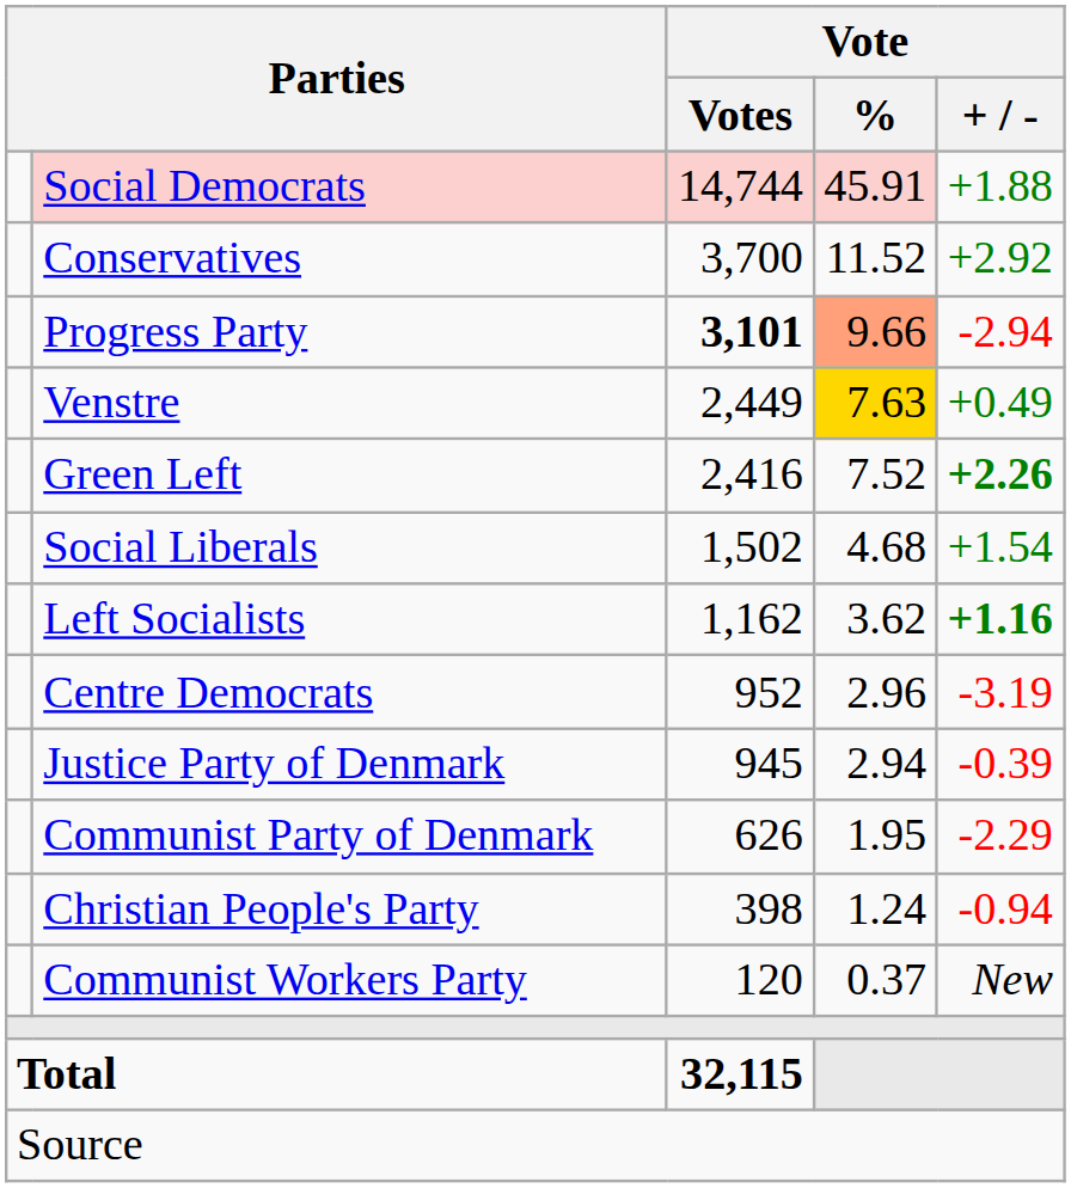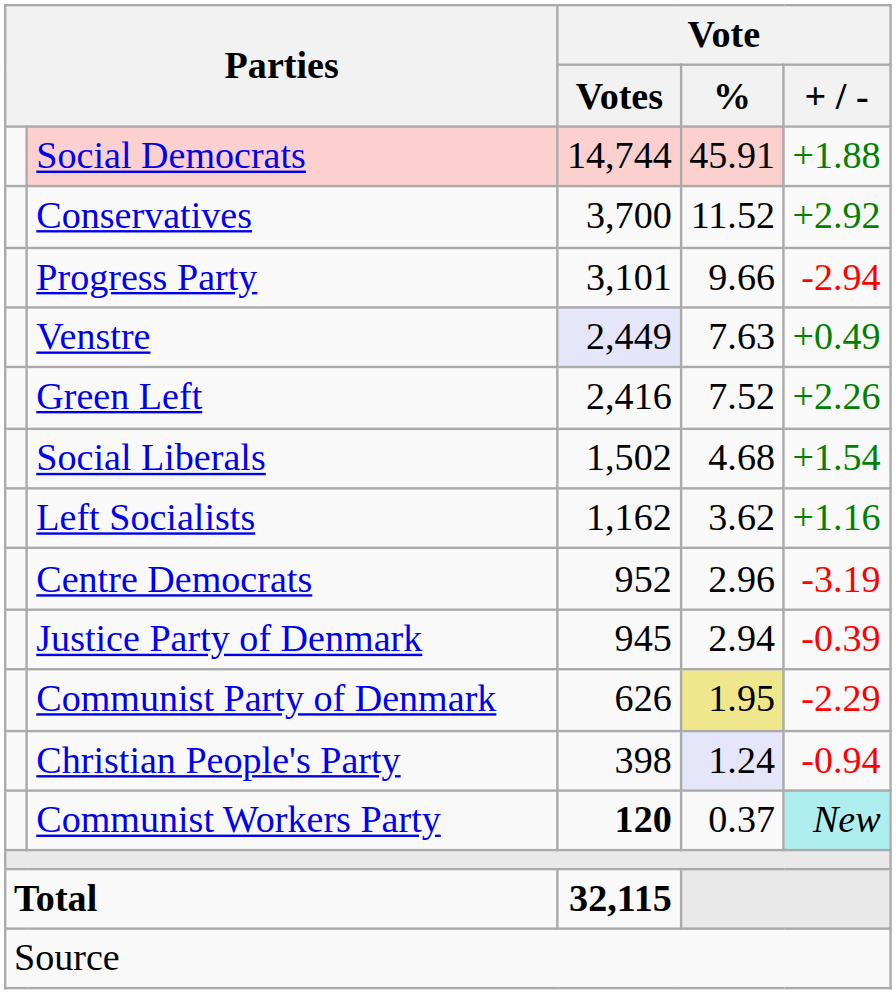 <table class="wikitable" style="text-align:right;">
 <tr>
 <th style="text-align:centre;" rowspan="2" colspan="2" width="225">Parties</th>
 <th colspan="3">Vote</th>
 </tr>
 <tr>
 <th width="15">Votes</th>
 <th width="15">%</th>
 <th width="15">+ / -</th>
 </tr>
 <tr>
 <td width="2" style="color:inherit;background:"></td>
 <td bgcolor=#fbd0ce  align="left"><a href='#'>Social Democrats</a></td>
 <td bgcolor=#fbd0ce>14,744</td>
 <td bgcolor=#fbd0ce>45.91</td>
 <td style=color:green;>+1.88</td>
 </tr>
 <tr>
 <td width="2" style="color:inherit;background:"></td>
 <td align="left"><a href='#'>Conservatives</a></td>
 <td>3,700</td>
 <td>11.52</td>
 <td style=color:green;>+2.92</td>
 </tr>
 <tr>
 <td width="2" style="color:inherit;background:"></td>
 <td align="left"><a href='#'>Progress Party</a></td>
-<td><strong>3,101</strong></td>
-<td style="background: lightsalmon;">9.66</td>
+<td>3,101</td>
+<td>9.66</td>
 <td style=color:red;>-2.94</td>
 </tr>
 <tr>
 <td width="2" style="color:inherit;background:"></td>
 <td align="left"><a href='#'>Venstre</a></td>
-<td>2,449</td>
-<td style="background: gold;">7.63</td>
+<td style="background: lavender;">2,449</td>
+<td>7.63</td>
 <td style=color:green;>+0.49</td>
 </tr>
 <tr>
 <td width="2" style="color:inherit;background:"></td>
 <td align="left"><a href='#'>Green Left</a></td>
 <td>2,416</td>
 <td>7.52</td>
-<td style=color:green;><strong>+2.26</strong></td>
+<td style=color:green;>+2.26</td>
 </tr>
 <tr>
 <td width="2" style="color:inherit;background:"></td>
 <td align="left"><a href='#'>Social Liberals</a></td>
 <td>1,502</td>
 <td>4.68</td>
 <td style=color:green;>+1.54</td>
 </tr>
 <tr>
 <td width="2" style="color:inherit;background:"></td>
 <td align="left"><a href='#'>Left Socialists</a></td>
 <td>1,162</td>
 <td>3.62</td>
-<td style=color:green;><strong>+1.16</strong></td>
+<td style=color:green;>+1.16</td>
 </tr>
 <tr>
 <td width="2" style="color:inherit;background:"></td>
 <td align="left"><a href='#'>Centre Democrats</a></td>
 <td>952</td>
 <td>2.96</td>
 <td style=color:red;>-3.19</td>
 </tr>
 <tr>
 <td width="2" style="color:inherit;background:"></td>
 <td align="left"><a href='#'>Justice Party of Denmark</a></td>
 <td>945</td>
 <td>2.94</td>
 <td style=color:red;>-0.39</td>
 </tr>
 <tr>
 <td width="2" style="color:inherit;background:"></td>
 <td align="left"><a href='#'>Communist Party of Denmark</a></td>
 <td>626</td>
-<td>1.95</td>
+<td style="background: khaki;">1.95</td>
 <td style=color:red;>-2.29</td>
 </tr>
 <tr>
 <td width="2" style="color:inherit;background:"></td>
 <td align="left"><a href='#'>Christian People's Party</a></td>
 <td>398</td>
-<td>1.24</td>
+<td style="background: lavender;">1.24</td>
 <td style=color:red;>-0.94</td>
 </tr>
 <tr>
 <td width="2" style="color:inherit;background:"></td>
 <td align="left"><a href='#'>Communist Workers Party</a></td>
-<td>120</td>
+<td><strong>120</strong></td>
 <td>0.37</td>
-<td><em>New</em></td>
+<td style="background: paleturquoise;"><em>New</em></td>
 </tr>
 <tr>
 <td colspan="7" bgcolor="#E9E9E9"></td>
 </tr>
 <tr>
 <td align="left" colspan="2"><strong>Total</strong></td>
 <td><strong>32,115</strong></td>
 <td bgcolor="#E9E9E9" colspan="2"></td>
 </tr>
 <tr>
 <td align="left" colspan="6">Source</td>
 </tr>
 </table>
